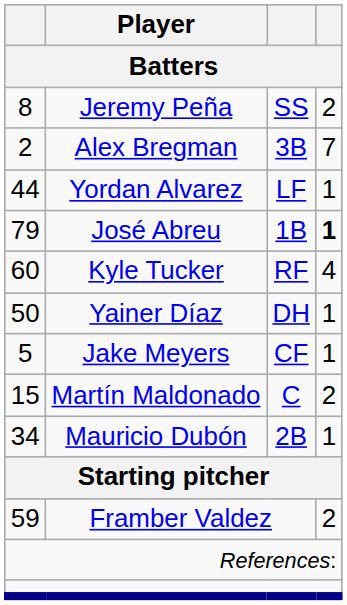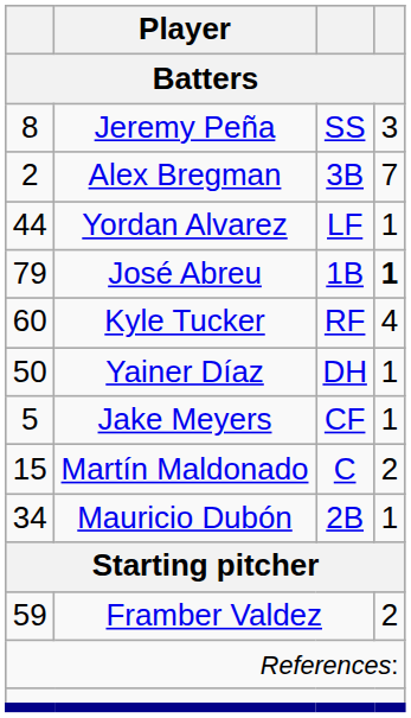 <table class="wikitable" style="text-align:center">
 <tr>
 <th></th>
 <th>Player</th>
 <th></th>
 <th></th>
 </tr>
 <tr>
 <th colspan="4">Batters</th>
 </tr>
 <tr>
 <td>8</td>
 <td><a href='#'>Jeremy Peña</a></td>
 <td><a href='#'>SS</a></td>
-<td>2</td>
+<td>3</td>
 </tr>
 <tr>
 <td>2</td>
 <td><a href='#'>Alex Bregman</a></td>
 <td><a href='#'>3B</a></td>
 <td>7</td>
 </tr>
 <tr>
 <td>44</td>
 <td><a href='#'>Yordan Alvarez</a></td>
 <td><a href='#'>LF</a></td>
 <td>1</td>
 </tr>
 <tr>
 <td>79</td>
 <td><a href='#'>José Abreu</a></td>
 <td><a href='#'>1B</a></td>
 <td><strong>1</strong></td>
 </tr>
 <tr>
 <td>60</td>
 <td><a href='#'>Kyle Tucker</a></td>
 <td><a href='#'>RF</a></td>
 <td>4</td>
 </tr>
 <tr>
 <td>50</td>
 <td><a href='#'>Yainer Díaz</a></td>
 <td><a href='#'>DH</a></td>
 <td>1</td>
 </tr>
 <tr>
 <td>5</td>
 <td><a href='#'>Jake Meyers</a></td>
 <td><a href='#'>CF</a></td>
 <td>1</td>
 </tr>
 <tr>
 <td>15</td>
 <td><a href='#'>Martín Maldonado</a></td>
 <td><a href='#'>C</a></td>
 <td>2</td>
 </tr>
 <tr>
 <td>34</td>
 <td><a href='#'>Mauricio Dubón</a></td>
 <td><a href='#'>2B</a></td>
 <td>1</td>
 </tr>
 <tr>
 <th colspan="4">Starting pitcher</th>
 </tr>
 <tr>
 <td>59</td>
 <td colspan="2"><a href='#'>Framber Valdez</a></td>
 <td>2</td>
 </tr>
 <tr>
 <td style="text-align:right"; colspan="4"><small><em>References</em>:</small></td>
 </tr>
 <tr>
 <td style="border-bottom:#020088 5px solid;" colspan="4"></td>
 </tr>
 </table>
